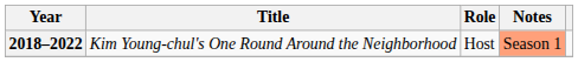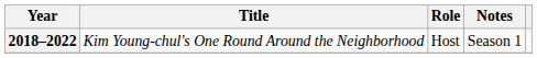 <table class="wikitable  plainrowheaders">
 <tr>
 <th scope="col">Year</th>
 <th scope="col">Title</th>
 <th scope="col">Role</th>
 <th scope="col">Notes</th>
 <th scope="col" class="unsortable"></th>
 </tr>
 <tr>
 <th scope="row">2018–2022</th>
 <td><em>Kim Young-chul's One Round Around the Neighborhood</em></td>
 <td>Host</td>
-<td style="background: lightsalmon;">Season 1</td>
+<td>Season 1</td>
 <td></td>
 </tr>
 <tr>
 </tr>
 </table>
